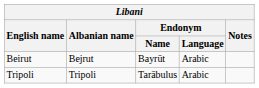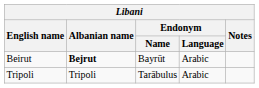 <table class="wikitable sortable">
 <tr>
 <th colspan="5"> <em>Libani</em></th>
 </tr>
 <tr>
 <th rowspan="2">English name</th>
 <th rowspan="2">Albanian name</th>
 <th colspan="2">Endonym</th>
 <th rowspan="2">Notes</th>
 </tr>
 <tr>
 <th>Name</th>
 <th>Language</th>
 </tr>
 <tr>
 <td>Beirut</td>
-<td>Bejrut</td>
+<td><strong>Bejrut</strong></td>
 <td>Bayrūt</td>
 <td>Arabic</td>
 <td></td>
 </tr>
 <tr>
 <td>Tripoli</td>
 <td>Tripoli</td>
 <td>Tarābulus</td>
 <td>Arabic</td>
 <td></td>
 </tr>
 </table>
